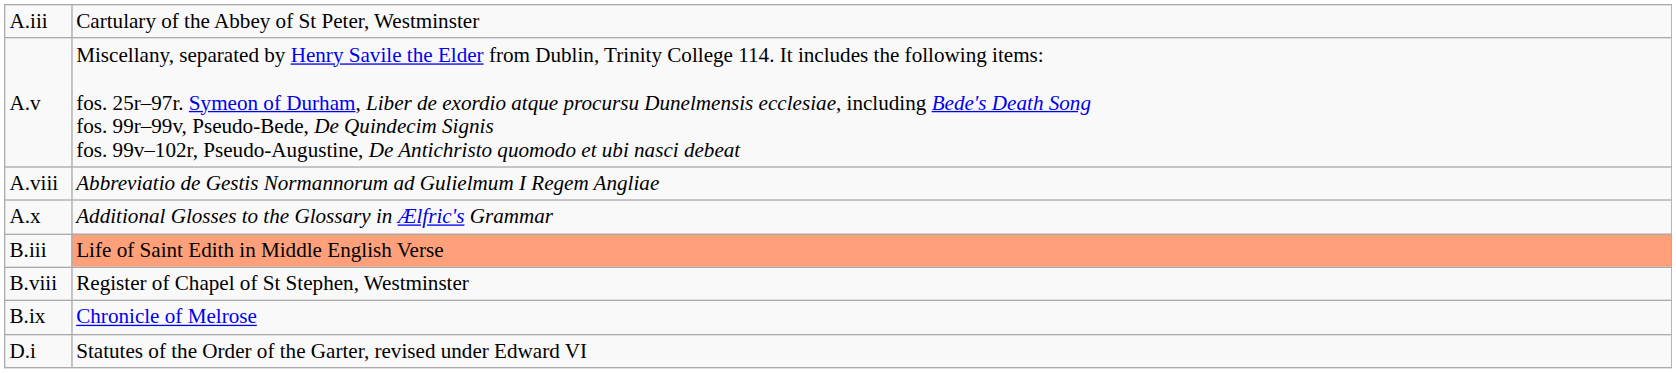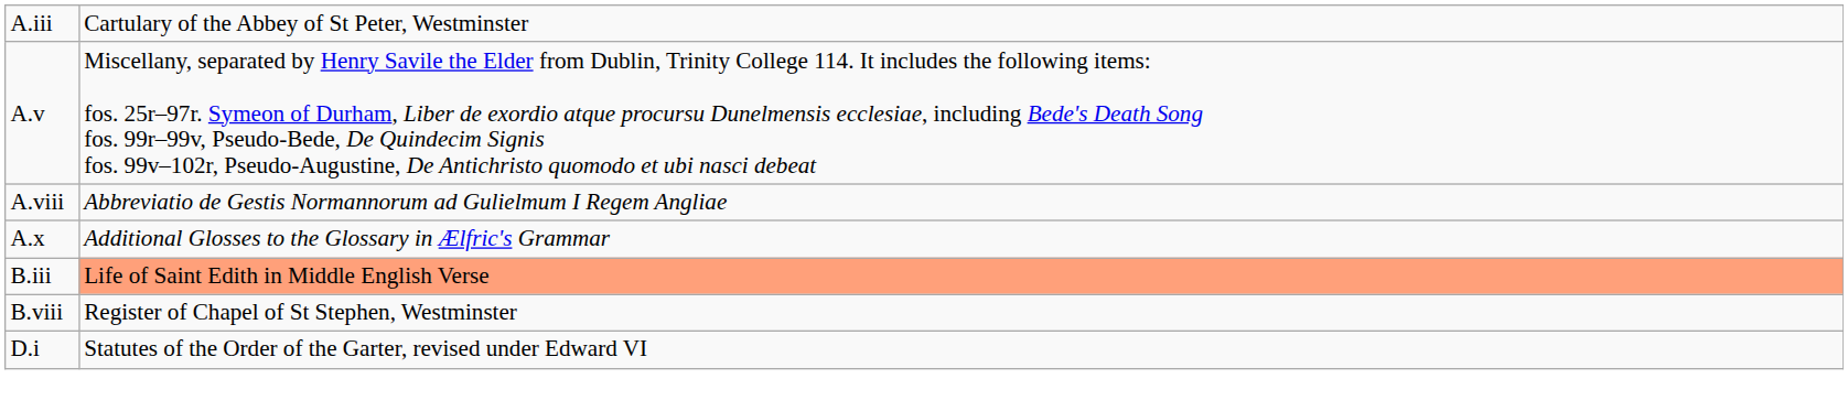 <table class="wikitable" style="width:100%">
 <tr>
 <td width="4%">A.iii</td>
 <td width="96%">Cartulary of the Abbey of St Peter, Westminster</td>
 </tr>
 <tr>
 <td>A.v</td>
 <td>Miscellany, separated by <a href='#'>Henry Savile the Elder</a> from Dublin, Trinity College 114. It includes the following items:<br><br>fos. 25r–97r. <a href='#'>Symeon of Durham</a>, <em>Liber de exordio atque procursu Dunelmensis ecclesiae</em>, including <em><a href='#'>Bede's Death Song</a></em><br> fos. 99r–99v, Pseudo-Bede, <em>De Quindecim Signis</em> <br> fos. 99v–102r, Pseudo-Augustine, <em>De Antichristo quomodo et ubi nasci debeat</em></td>
 </tr>
 <tr>
 <td>A.viii</td>
 <td><em>Abbreviatio de Gestis Normannorum ad Gulielmum I Regem Angliae</em></td>
 </tr>
 <tr>
 <td>A.x</td>
 <td><em>Additional Glosses to the Glossary in <a href='#'>Ælfric's</a> Grammar</em></td>
 </tr>
 <tr>
 <td>B.iii</td>
 <td style="background: lightsalmon;">Life of Saint Edith in Middle English Verse</td>
 </tr>
 <tr>
 <td>B.viii</td>
 <td>Register of Chapel of St Stephen, Westminster</td>
 </tr>
 <tr>
-<td>B.ix</td>
-<td><a href='#'>Chronicle of Melrose</a></td>
-</tr>
-<tr>
 <td>D.i</td>
 <td>Statutes of the Order of the Garter, revised under Edward VI</td>
 </tr>
 </table>
